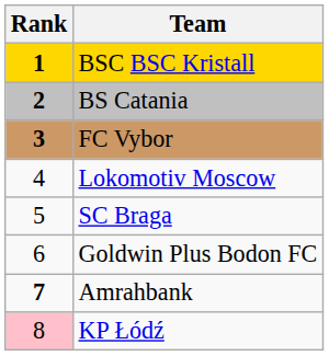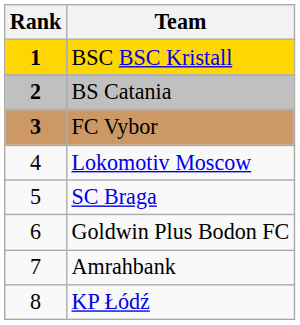 <table class="wikitable" style="text-align:center">
 <tr>
 <th>Rank</th>
 <th>Team</th>
 </tr>
 <tr bgcolor="gold">
 <td><strong>1</strong></td>
 <td align="left"> BSC <a href='#'>BSC Kristall</a></td>
 </tr>
 <tr bgcolor="silver">
 <td><strong>2</strong></td>
 <td align="left"> BS Catania</td>
 </tr>
 <tr bgcolor="#CC9966">
 <td><strong>3</strong></td>
 <td align="left"> FC Vybor</td>
 </tr>
 <tr>
 <td>4</td>
 <td align="left"> <a href='#'>Lokomotiv Moscow</a></td>
 </tr>
 <tr>
 <td>5</td>
 <td align="left"> <a href='#'>SC Braga</a></td>
 </tr>
 <tr>
 <td>6</td>
 <td align="left"> Goldwin Plus Bodon FC</td>
 </tr>
 <tr>
-<td><strong>7</strong></td>
+<td>7</td>
 <td align="left"> Amrahbank</td>
 </tr>
 <tr>
-<td style="background: pink;">8</td>
+<td>8</td>
 <td align="left"> <a href='#'>KP Łódź</a></td>
 </tr>
 </table>
